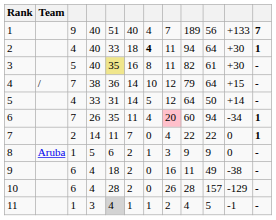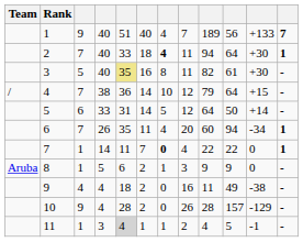 <table class="wikitable sortable" style-align:center">
 <tr>
+<th width=20>Team</th>
 <th width=20>Rank</th>
-<th width=20>Team</th>
 <th width=20></th>
 <th width=20></th>
 <th width=20></th>
 <th width=20></th>
 <th width=20></th>
 <th width=20></th>
 <th width=20></th>
 <th width=20></th>
 <th width=20></th>
 <th width=20></th>
 </tr>
 <tr>
+<td></td>
 <td>1</td>
-<td></td>
 <td>9</td>
 <td>40</td>
 <td>51</td>
 <td>40</td>
 <td>4</td>
 <td>7</td>
 <td>189</td>
 <td>56</td>
 <td>+133</td>
 <td><strong>7</strong></td>
 </tr>
 <tr>
+<td></td>
 <td>2</td>
-<td></td>
-<td>4</td>
+<td>7</td>
 <td>40</td>
 <td>33</td>
 <td>18</td>
 <td><strong>4</strong></td>
 <td>11</td>
 <td>94</td>
 <td>64</td>
 <td>+30</td>
 <td><strong>1</strong></td>
 </tr>
 <tr>
+<td></td>
 <td>3</td>
-<td></td>
 <td>5</td>
 <td>40</td>
 <td style="background: khaki;">35</td>
 <td>16</td>
 <td>8</td>
 <td>11</td>
 <td>82</td>
 <td>61</td>
 <td>+30</td>
 <td><strong>-</strong></td>
 </tr>
 <tr>
+<td>/</td>
 <td>4</td>
-<td>/</td>
 <td>7</td>
 <td>38</td>
 <td>36</td>
 <td>14</td>
 <td>10</td>
 <td>12</td>
 <td>79</td>
 <td>64</td>
 <td>+15</td>
 <td><strong>-</strong></td>
 </tr>
 <tr>
+<td></td>
 <td>5</td>
-<td></td>
-<td>4</td>
+<td>6</td>
 <td>33</td>
 <td>31</td>
 <td>14</td>
 <td>5</td>
 <td>12</td>
 <td>64</td>
 <td>50</td>
 <td>+14</td>
 <td><strong>-</strong></td>
 </tr>
 <tr>
+<td></td>
 <td>6</td>
-<td></td>
 <td>7</td>
 <td>26</td>
 <td>35</td>
 <td>11</td>
 <td>4</td>
-<td style="background: pink;">20</td>
+<td>20</td>
 <td>60</td>
 <td>94</td>
 <td>-34</td>
 <td><strong>1</strong></td>
 </tr>
 <tr>
+<td></td>
 <td>7</td>
-<td></td>
-<td>2</td>
+<td>1</td>
 <td>14</td>
 <td>11</td>
 <td>7</td>
-<td>0</td>
+<td><strong>0</strong></td>
 <td>4</td>
 <td>22</td>
 <td>22</td>
 <td>0</td>
 <td><strong>1</strong></td>
 </tr>
 <tr>
+<td> <a href='#'>Aruba</a></td>
 <td>8</td>
-<td> <a href='#'>Aruba</a></td>
 <td>1</td>
 <td>5</td>
 <td>6</td>
 <td>2</td>
 <td>1</td>
 <td>3</td>
 <td>9</td>
 <td>9</td>
 <td>0</td>
 <td><strong>-</strong></td>
 </tr>
 <tr>
+<td></td>
 <td>9</td>
-<td></td>
-<td>6</td>
+<td>4</td>
 <td>4</td>
 <td>18</td>
 <td>2</td>
 <td>0</td>
 <td>16</td>
 <td>11</td>
 <td>49</td>
 <td>-38</td>
 <td><strong>-</strong></td>
 </tr>
 <tr>
+<td></td>
 <td>10</td>
-<td></td>
-<td>6</td>
+<td>9</td>
 <td>4</td>
 <td>28</td>
 <td>2</td>
 <td>0</td>
 <td>26</td>
 <td>28</td>
 <td>157</td>
 <td>-129</td>
 <td><strong>-</strong></td>
 </tr>
 <tr>
+<td></td>
 <td>11</td>
-<td></td>
 <td>1</td>
 <td>3</td>
 <td style="background: lightgrey;">4</td>
 <td>1</td>
 <td>1</td>
 <td>2</td>
 <td>4</td>
 <td>5</td>
 <td>-1</td>
 <td><strong>-</strong></td>
 </tr>
 </table>
